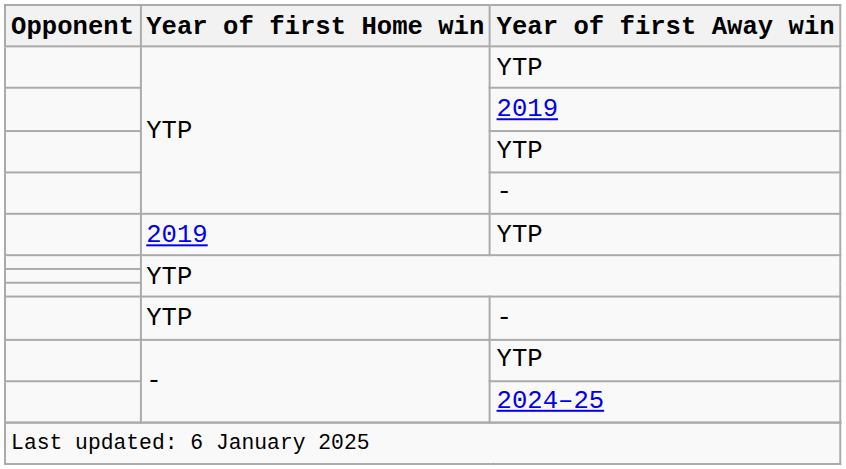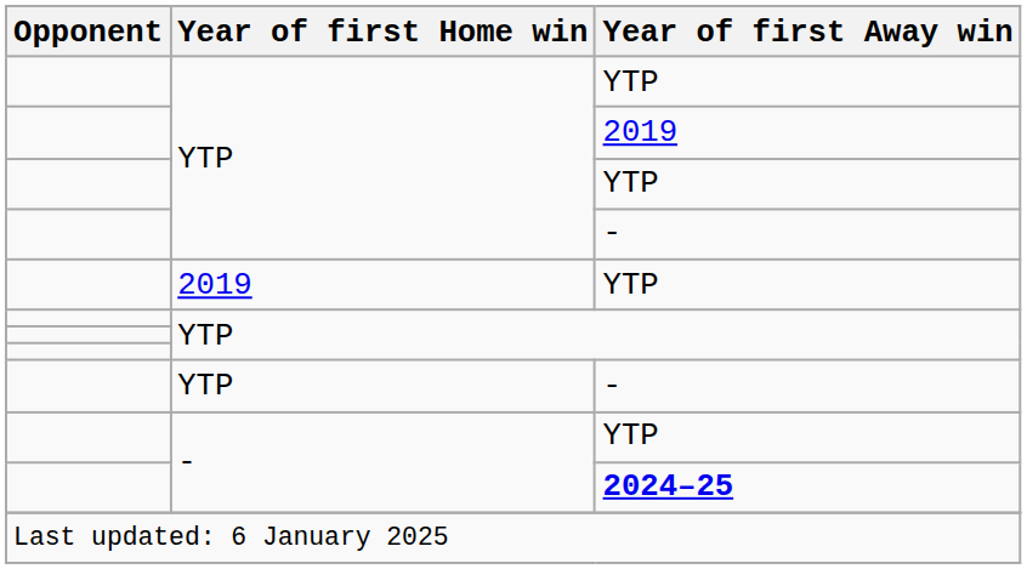 <table class="wikitable plainrowheaders sortable" style=align:center;>
 <tr>
 <th>Opponent</th>
 <th>Year of first Home win</th>
 <th>Year of first Away win</th>
 </tr>
 <tr>
 <td></td>
 <td rowspan=4>YTP</td>
 <td>YTP</td>
 </tr>
 <tr>
 <td></td>
 <td><a href='#'>2019</a></td>
 </tr>
 <tr>
 <td></td>
 <td>YTP</td>
 </tr>
 <tr>
 <td></td>
 <td>-</td>
 </tr>
 <tr>
 <td></td>
 <td><a href='#'>2019</a></td>
 <td>YTP</td>
 </tr>
 <tr>
 <td></td>
 <td colspan="2" rowspan="3">YTP</td>
 </tr>
 <tr>
 <td></td>
 </tr>
 <tr>
 <td></td>
 </tr>
 <tr>
 <td></td>
 <td>YTP</td>
 <td>-</td>
 </tr>
 <tr>
 <td></td>
 <td rowspan=2>-</td>
 <td>YTP</td>
 </tr>
 <tr>
 <td></td>
-<td><a href='#'>2024–25</a></td>
+<td><strong><a href='#'>2024–25</a></strong></td>
 </tr>
 <tr>
 </tr>
 <tr class=sortbottom>
 <td colspan=3><small>Last updated: 6 January 2025</small></td>
 </tr>
 </table>
